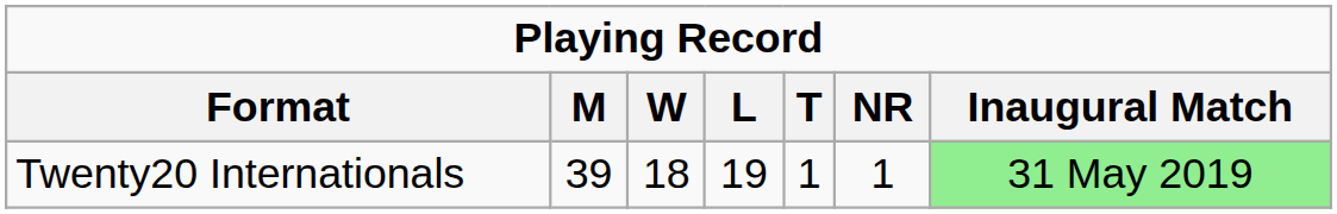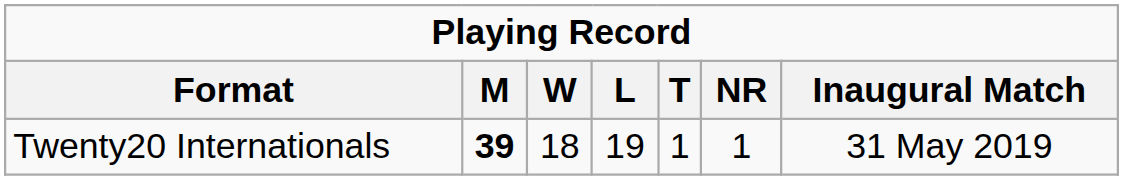 <table class="wikitable" style="text-align: center; width: 500px;">
 <tr>
 <td colspan=7 align="center"><strong>Playing Record</strong></td>
 </tr>
 <tr>
 <th>Format</th>
 <th>M</th>
 <th>W</th>
 <th>L</th>
 <th>T</th>
 <th>NR</th>
 <th>Inaugural Match</th>
 </tr>
 <tr>
 <td align="left">Twenty20 Internationals</td>
-<td>39</td>
+<td><strong>39</strong></td>
 <td>18</td>
 <td>19</td>
 <td>1</td>
 <td>1</td>
-<td style="background: lightgreen;">31 May 2019</td>
+<td>31 May 2019</td>
 </tr>
 </table>
